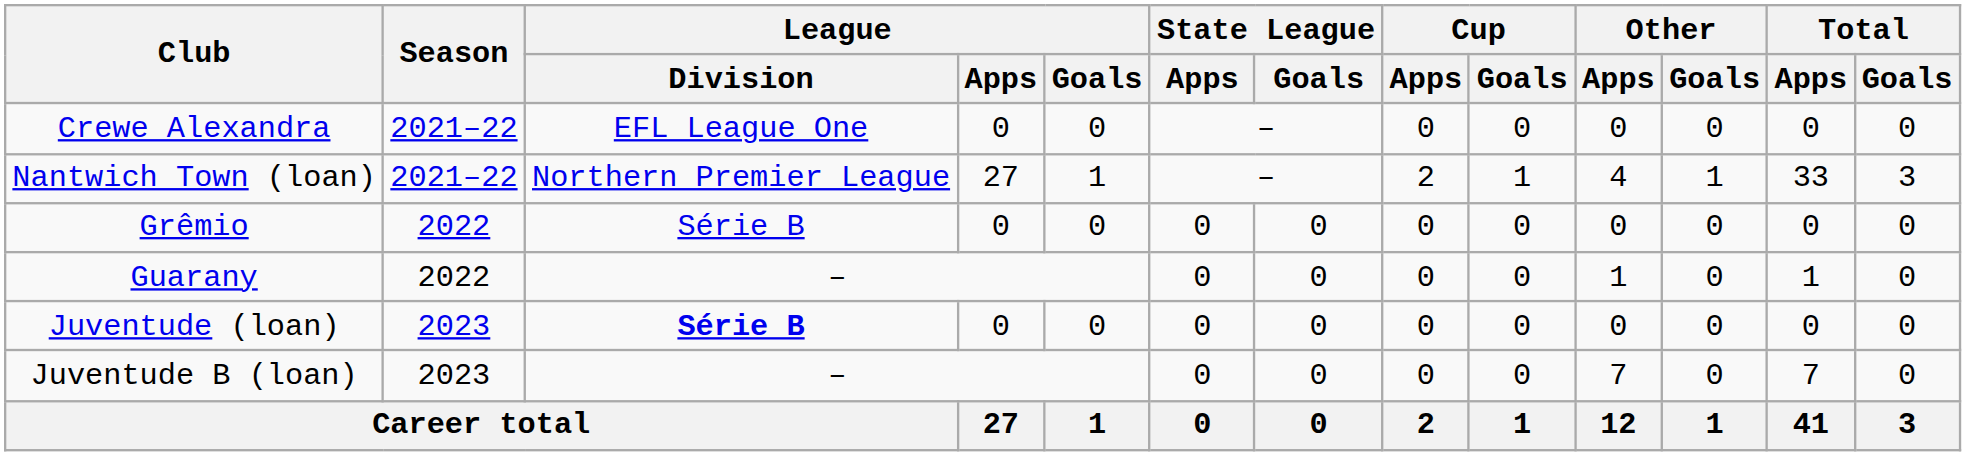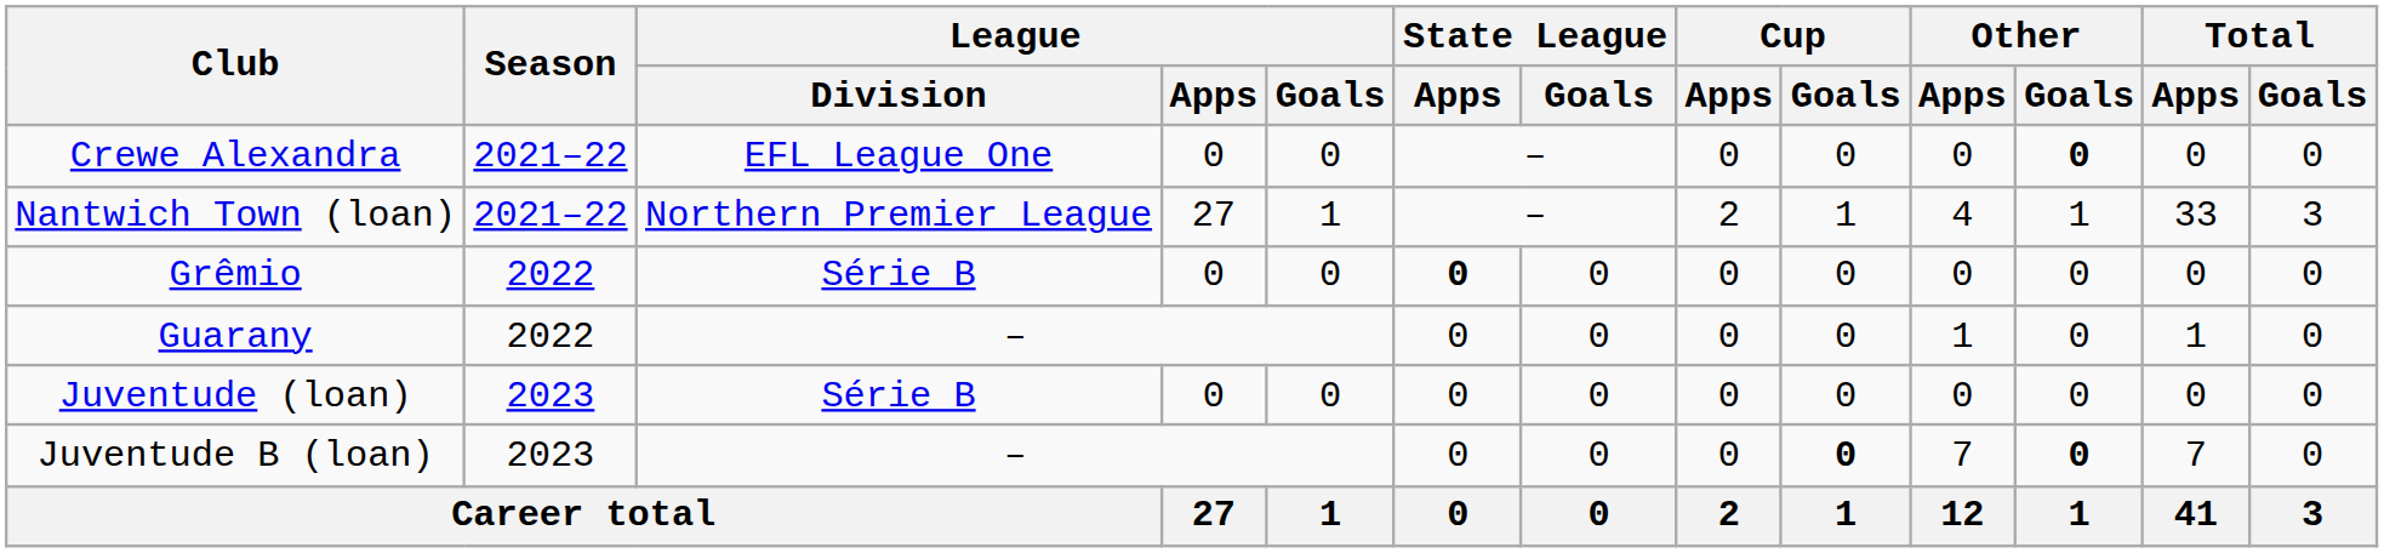 <table class=wikitable style=text-align:center>
 <tr>
 <th rowspan="2">Club</th>
 <th rowspan="2">Season</th>
 <th colspan="3">League</th>
 <th colspan="2">State League</th>
 <th colspan="2">Cup</th>
 <th colspan="2">Other</th>
 <th colspan="2">Total</th>
 </tr>
 <tr>
 <th>Division</th>
 <th>Apps</th>
 <th>Goals</th>
 <th>Apps</th>
 <th>Goals</th>
 <th>Apps</th>
 <th>Goals</th>
 <th>Apps</th>
 <th>Goals</th>
 <th>Apps</th>
 <th>Goals</th>
 </tr>
 <tr>
 <td><a href='#'>Crewe Alexandra</a></td>
 <td><a href='#'>2021–22</a></td>
 <td><a href='#'>EFL League One</a></td>
 <td>0</td>
 <td>0</td>
 <td colspan="2">–</td>
 <td>0</td>
 <td>0</td>
 <td>0</td>
-<td>0</td>
+<td><strong>0</strong></td>
 <td>0</td>
 <td>0</td>
 </tr>
 <tr>
 <td><a href='#'>Nantwich Town</a> (loan)</td>
 <td><a href='#'>2021–22</a></td>
 <td><a href='#'>Northern Premier League</a></td>
 <td>27</td>
 <td>1</td>
 <td colspan="2">–</td>
 <td>2</td>
 <td>1</td>
 <td>4</td>
 <td>1</td>
 <td>33</td>
 <td>3</td>
 </tr>
 <tr>
 <td><a href='#'>Grêmio</a></td>
 <td><a href='#'>2022</a></td>
 <td><a href='#'>Série B</a></td>
 <td>0</td>
 <td>0</td>
-<td>0</td>
+<td><strong>0</strong></td>
 <td>0</td>
 <td>0</td>
 <td>0</td>
 <td>0</td>
 <td>0</td>
 <td>0</td>
 <td>0</td>
 </tr>
 <tr>
 <td><a href='#'>Guarany</a></td>
 <td>2022</td>
 <td colspan="3">–</td>
 <td>0</td>
 <td>0</td>
 <td>0</td>
 <td>0</td>
 <td>1</td>
 <td>0</td>
 <td>1</td>
 <td>0</td>
 </tr>
 <tr>
 <td><a href='#'>Juventude</a> (loan)</td>
 <td><a href='#'>2023</a></td>
-<td><strong><a href='#'>Série B</a></strong></td>
+<td><a href='#'>Série B</a></td>
 <td>0</td>
 <td>0</td>
 <td>0</td>
 <td>0</td>
 <td>0</td>
 <td>0</td>
 <td>0</td>
 <td>0</td>
 <td>0</td>
 <td>0</td>
 </tr>
 <tr>
 <td>Juventude B (loan)</td>
 <td>2023</td>
 <td colspan="3">–</td>
 <td>0</td>
 <td>0</td>
 <td>0</td>
-<td>0</td>
+<td><strong>0</strong></td>
 <td>7</td>
-<td>0</td>
+<td><strong>0</strong></td>
 <td>7</td>
 <td>0</td>
 </tr>
 <tr>
 <th colspan="3"><strong>Career total</strong></th>
 <th>27</th>
 <th>1</th>
 <th>0</th>
 <th>0</th>
 <th>2</th>
 <th>1</th>
 <th>12</th>
 <th>1</th>
 <th>41</th>
 <th>3</th>
 </tr>
 </table>
